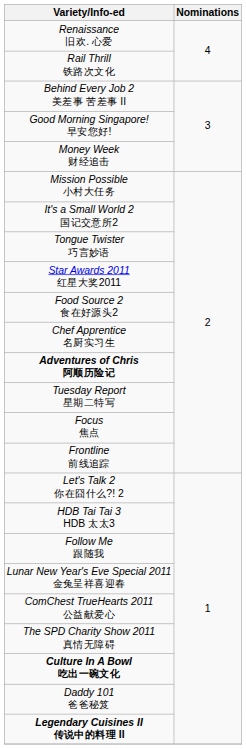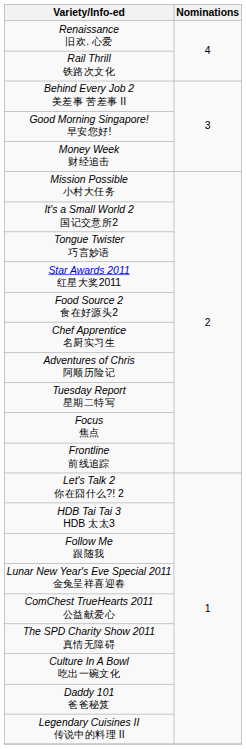 <table class="wikitable" style="text-align: center">
 <tr>
 <th>Variety/Info-ed</th>
 <th>Nominations</th>
 </tr>
 <tr>
 <td><em>Renaissance</em><br>旧欢. 心爱</td>
 <td rowspan=2>4</td>
 </tr>
 <tr>
 <td><em>Rail Thrill</em><br>铁路次文化</td>
 </tr>
 <tr>
 <td><em>Behind Every Job 2</em><br>美差事 苦差事 II</td>
 <td rowspan=3>3</td>
 </tr>
 <tr>
 <td><em>Good Morning Singapore!</em><br>早安您好!</td>
 </tr>
 <tr>
 <td><em>Money Week</em><br>财经追击</td>
 </tr>
 <tr>
 <td><em>Mission Possible</em><br>小村大任务</td>
 <td rowspan=10>2</td>
 </tr>
 <tr>
 <td><em>It's a Small World 2</em><br>国记交意所2</td>
 </tr>
 <tr>
 <td><em>Tongue Twister</em><br>巧言妙语</td>
 </tr>
 <tr>
 <td><em><a href='#'>Star Awards 2011</a></em><br>红星大奖2011</td>
 </tr>
 <tr>
 <td><em>Food Source 2</em><br>食在好源头2</td>
 </tr>
 <tr>
 <td><em>Chef Apprentice</em><br>名厨实习生</td>
 </tr>
 <tr>
-<td><strong><em>Adventures of Chris</em><br>阿顺历险记</strong></td>
+<td><em>Adventures of Chris</em><br>阿顺历险记</td>
 </tr>
 <tr>
 <td><em>Tuesday Report</em><br>星期二特写</td>
 </tr>
 <tr>
 <td><em>Focus</em><br>焦点</td>
 </tr>
 <tr>
 <td><em>Frontline</em><br>前线追踪</td>
 </tr>
 <tr>
 <td><em>Let's Talk 2</em><br>你在囧什么?! 2</td>
 <td rowspan=9>1</td>
 </tr>
 <tr>
 <td><em>HDB Tai Tai 3</em><br>HDB 太太3</td>
 </tr>
 <tr>
 <td><em>Follow Me</em><br>跟随我</td>
 </tr>
 <tr>
 <td><em>Lunar New Year's Eve Special 2011</em><br>金兔呈祥喜迎春</td>
 </tr>
 <tr>
 <td><em>ComChest TrueHearts 2011</em><br>公益献爱心</td>
 </tr>
 <tr>
 <td><em>The SPD Charity Show 2011</em><br>真情无障碍</td>
 </tr>
 <tr>
-<td><strong><em>Culture In A Bowl</em><br>吃出一碗文化</strong></td>
+<td><em>Culture In A Bowl</em><br>吃出一碗文化</td>
 </tr>
 <tr>
 <td><em>Daddy 101</em><br>爸爸秘笈</td>
 </tr>
 <tr>
-<td><strong><em>Legendary Cuisines II</em><br>传说中的料理 II</strong></td>
+<td><em>Legendary Cuisines II</em><br>传说中的料理 II</td>
 </tr>
 <tr>
 </tr>
 </table>
